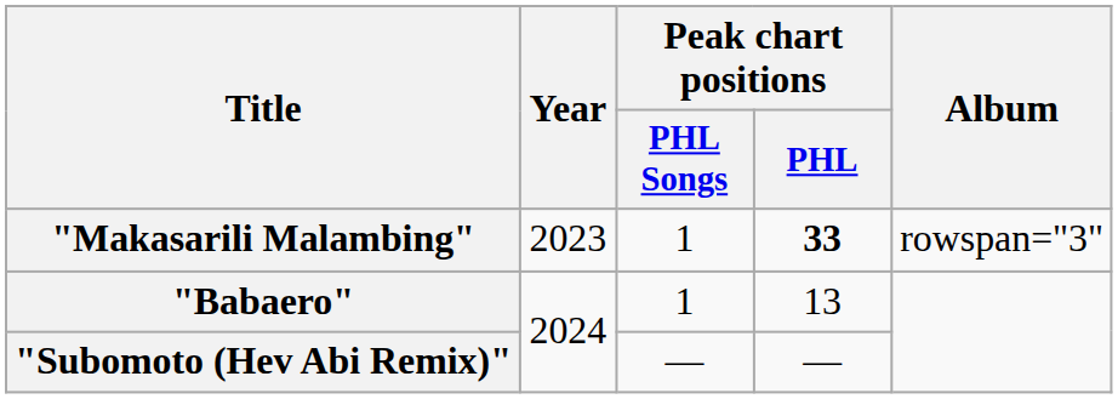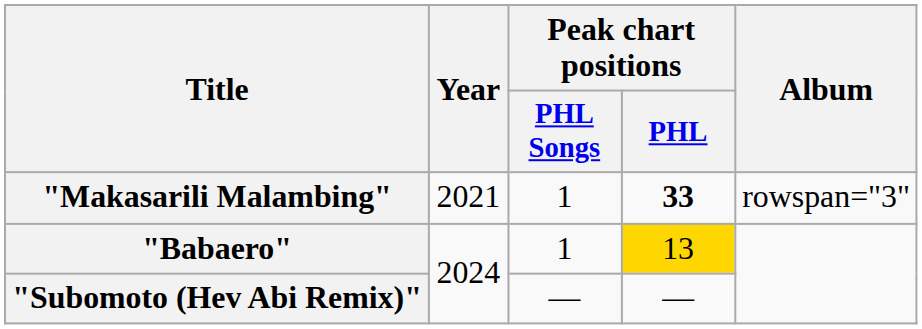 <table class="wikitable plainrowheaders" style="text-align:center;">
 <tr>
 <th scope="col" rowspan="2">Title</th>
 <th scope="col" rowspan="2">Year</th>
 <th scope="col" colspan="2">Peak chart positions</th>
 <th scope="col" rowspan="2">Album</th>
 </tr>
 <tr>
 <th scope="col" style="font-size:90%; width:3.5em"><a href='#'>PHL Songs</a><br></th>
 <th scope="col" style="font-size:90%; width:3.5em"><a href='#'>PHL</a><br></th>
 </tr>
 <tr>
 <th scope="row">"Makasarili Malambing" </th>
-<td>2023</td>
+<td>2021</td>
 <td>1</td>
 <td><strong>33</strong></td>
 <td>rowspan="3" </td>
 </tr>
 <tr>
 <th scope="row">"Babaero" </th>
 <td rowspan="2">2024</td>
 <td>1</td>
-<td>13</td>
+<td style="background: gold;">13</td>
 </tr>
 <tr>
 <th scope="row">"Subomoto (Hev Abi Remix)" </th>
 <td>—</td>
 <td>—</td>
 </tr>
 </table>
